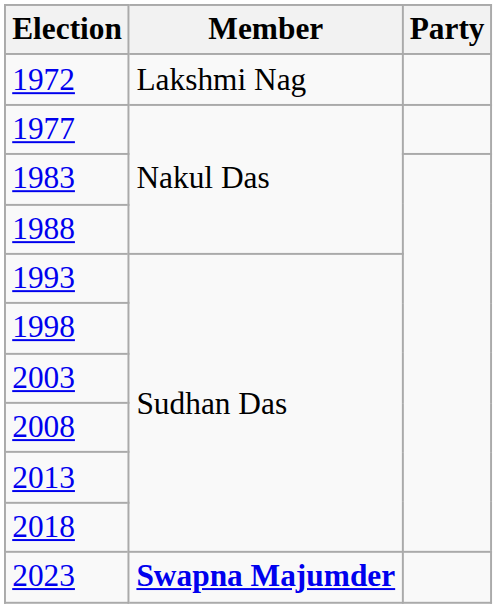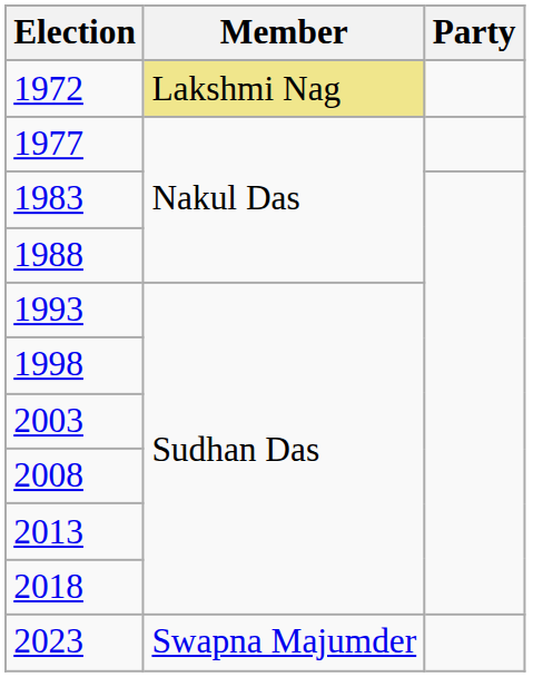 <table class="wikitable sortable">
 <tr>
 <th>Election</th>
 <th>Member</th>
 <th colspan=2>Party</th>
 </tr>
 <tr>
 <td><a href='#'>1972</a></td>
-<td>Lakshmi Nag</td>
+<td style="background: khaki;">Lakshmi Nag</td>
 <td></td>
 </tr>
 <tr>
 <td><a href='#'>1977</a></td>
 <td rowspan=3>Nakul Das</td>
 <td></td>
 </tr>
 <tr>
 <td><a href='#'>1983</a></td>
 </tr>
 <tr>
 <td><a href='#'>1988</a></td>
 </tr>
 <tr>
 <td><a href='#'>1993</a></td>
 <td rowspan=6>Sudhan Das</td>
 </tr>
 <tr>
 <td><a href='#'>1998</a></td>
 </tr>
 <tr>
 <td><a href='#'>2003</a></td>
 </tr>
 <tr>
 <td><a href='#'>2008</a></td>
 </tr>
 <tr>
 <td><a href='#'>2013</a></td>
 </tr>
 <tr>
 <td><a href='#'>2018</a></td>
 </tr>
 <tr>
 <td><a href='#'>2023</a></td>
-<td><strong><a href='#'>Swapna Majumder</a></strong></td>
+<td><a href='#'>Swapna Majumder</a></td>
 <td></td>
 </tr>
 </table>
